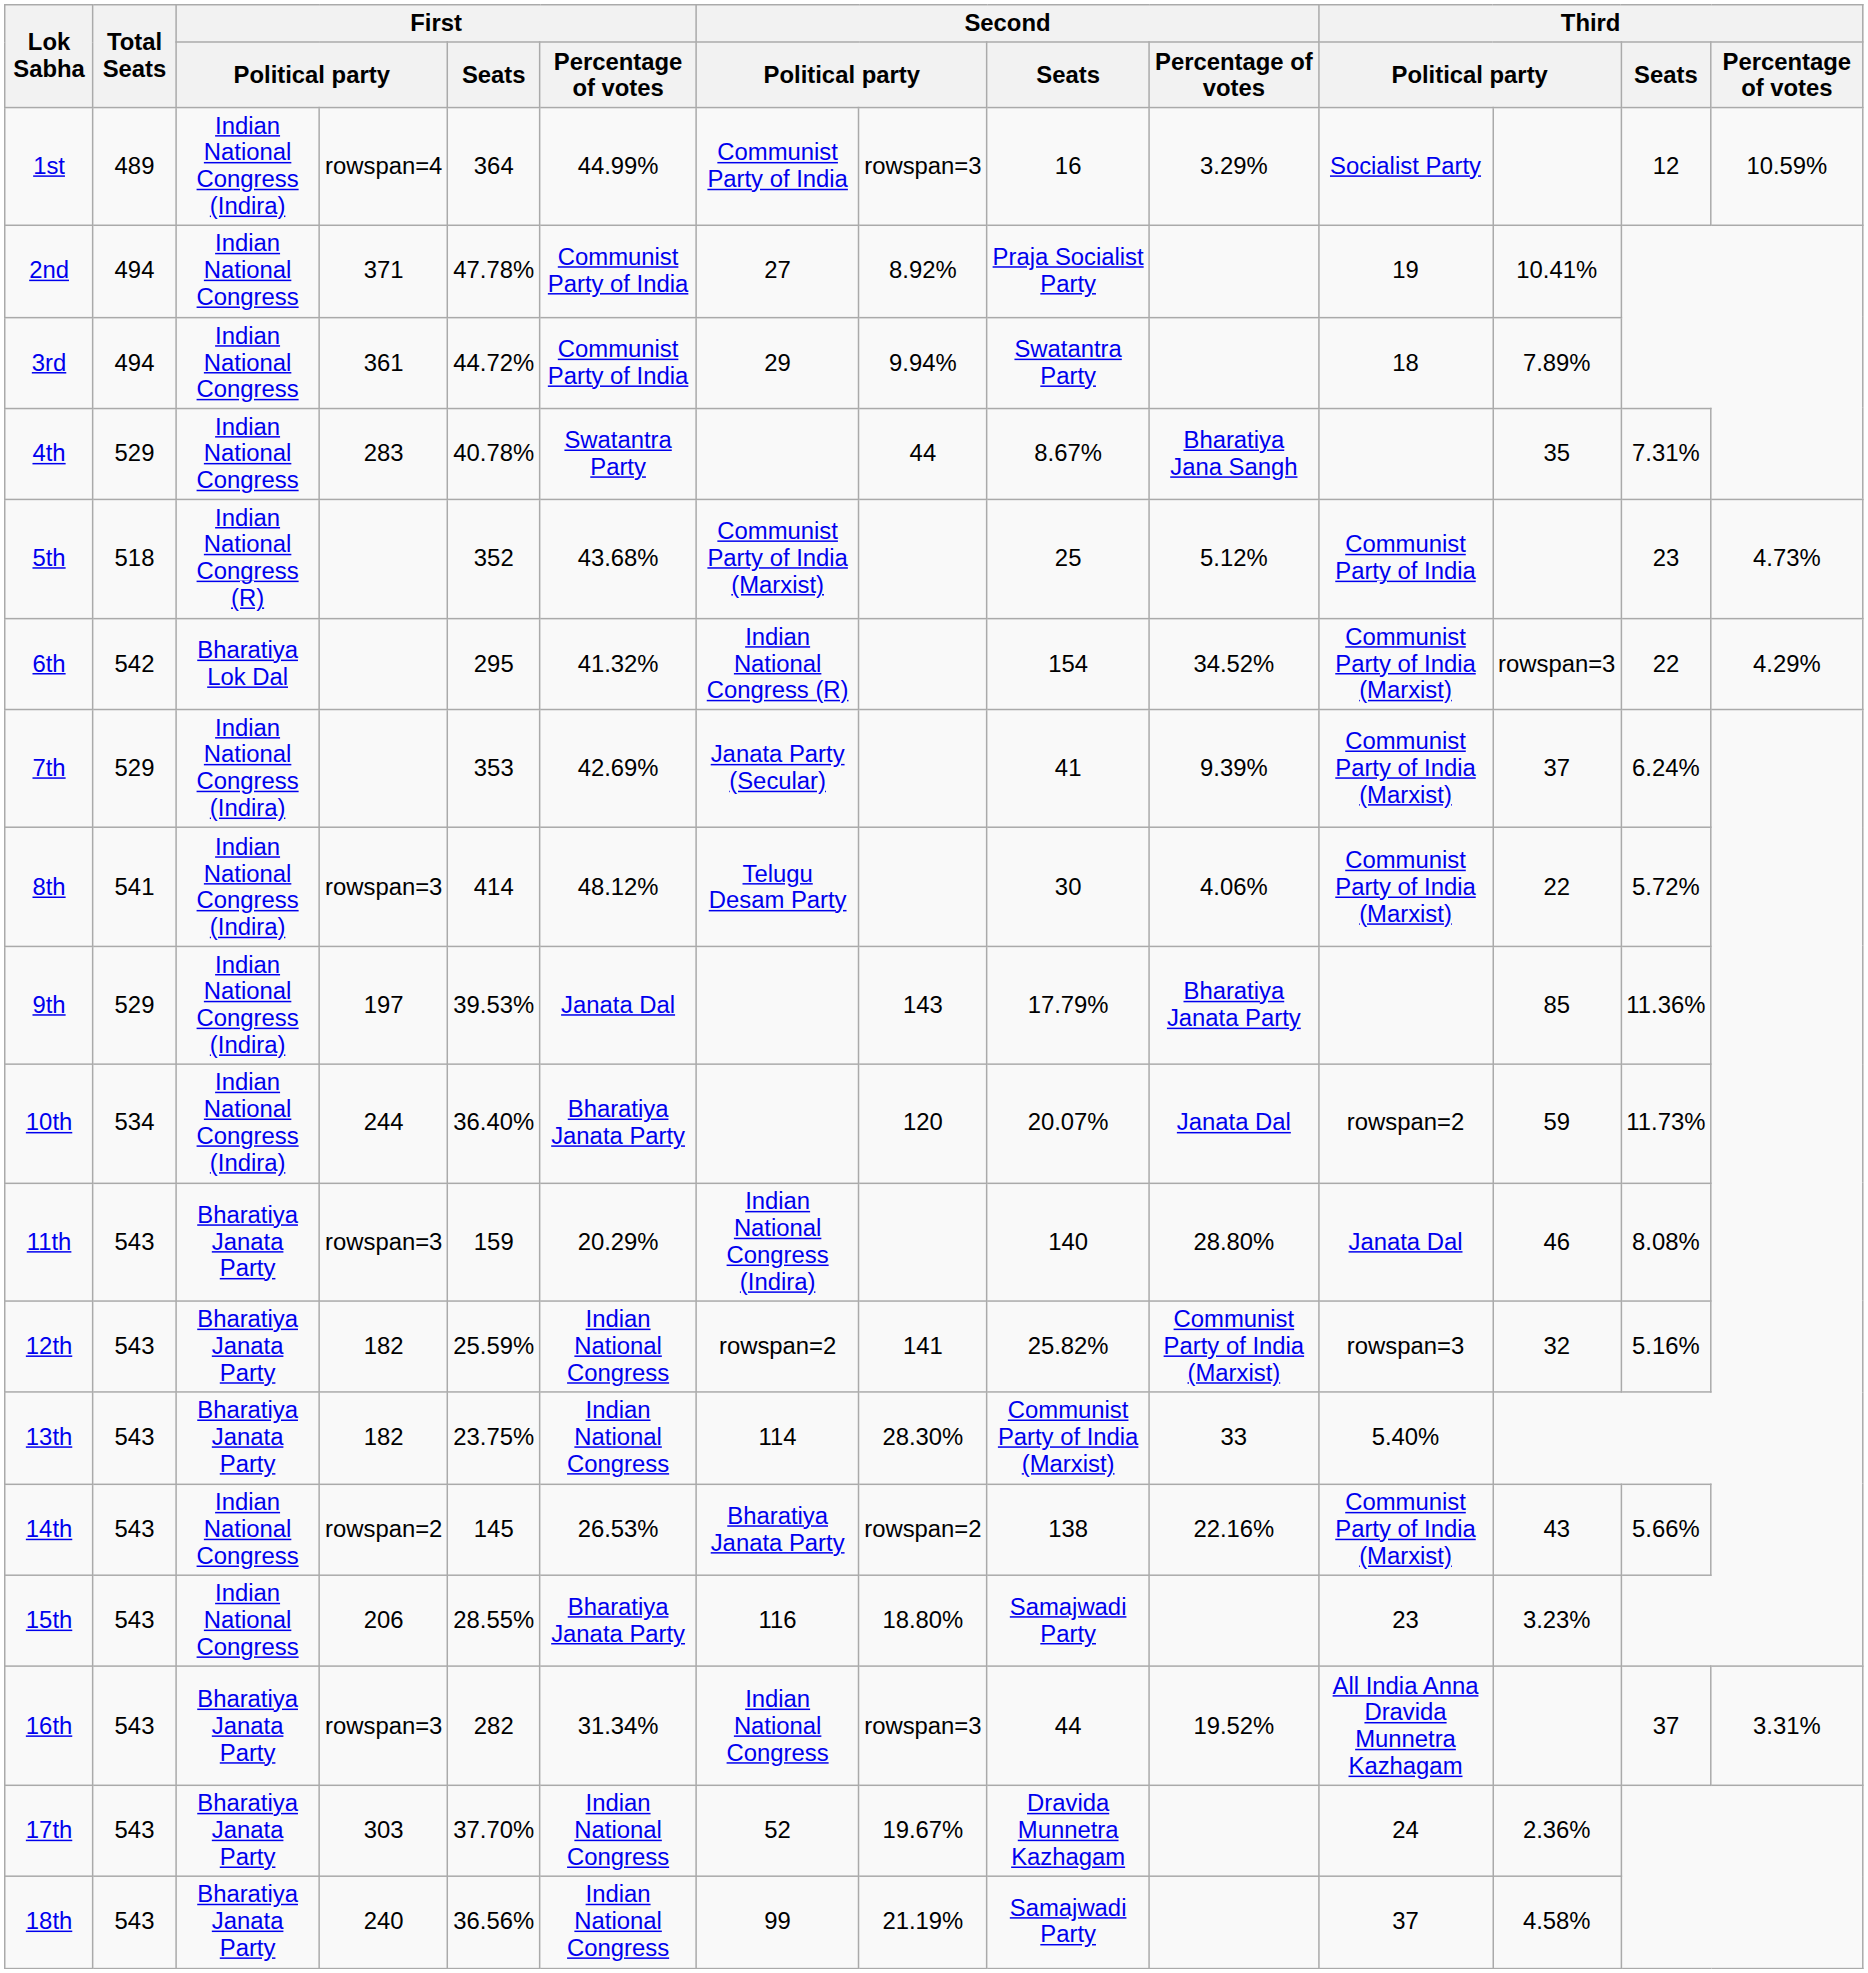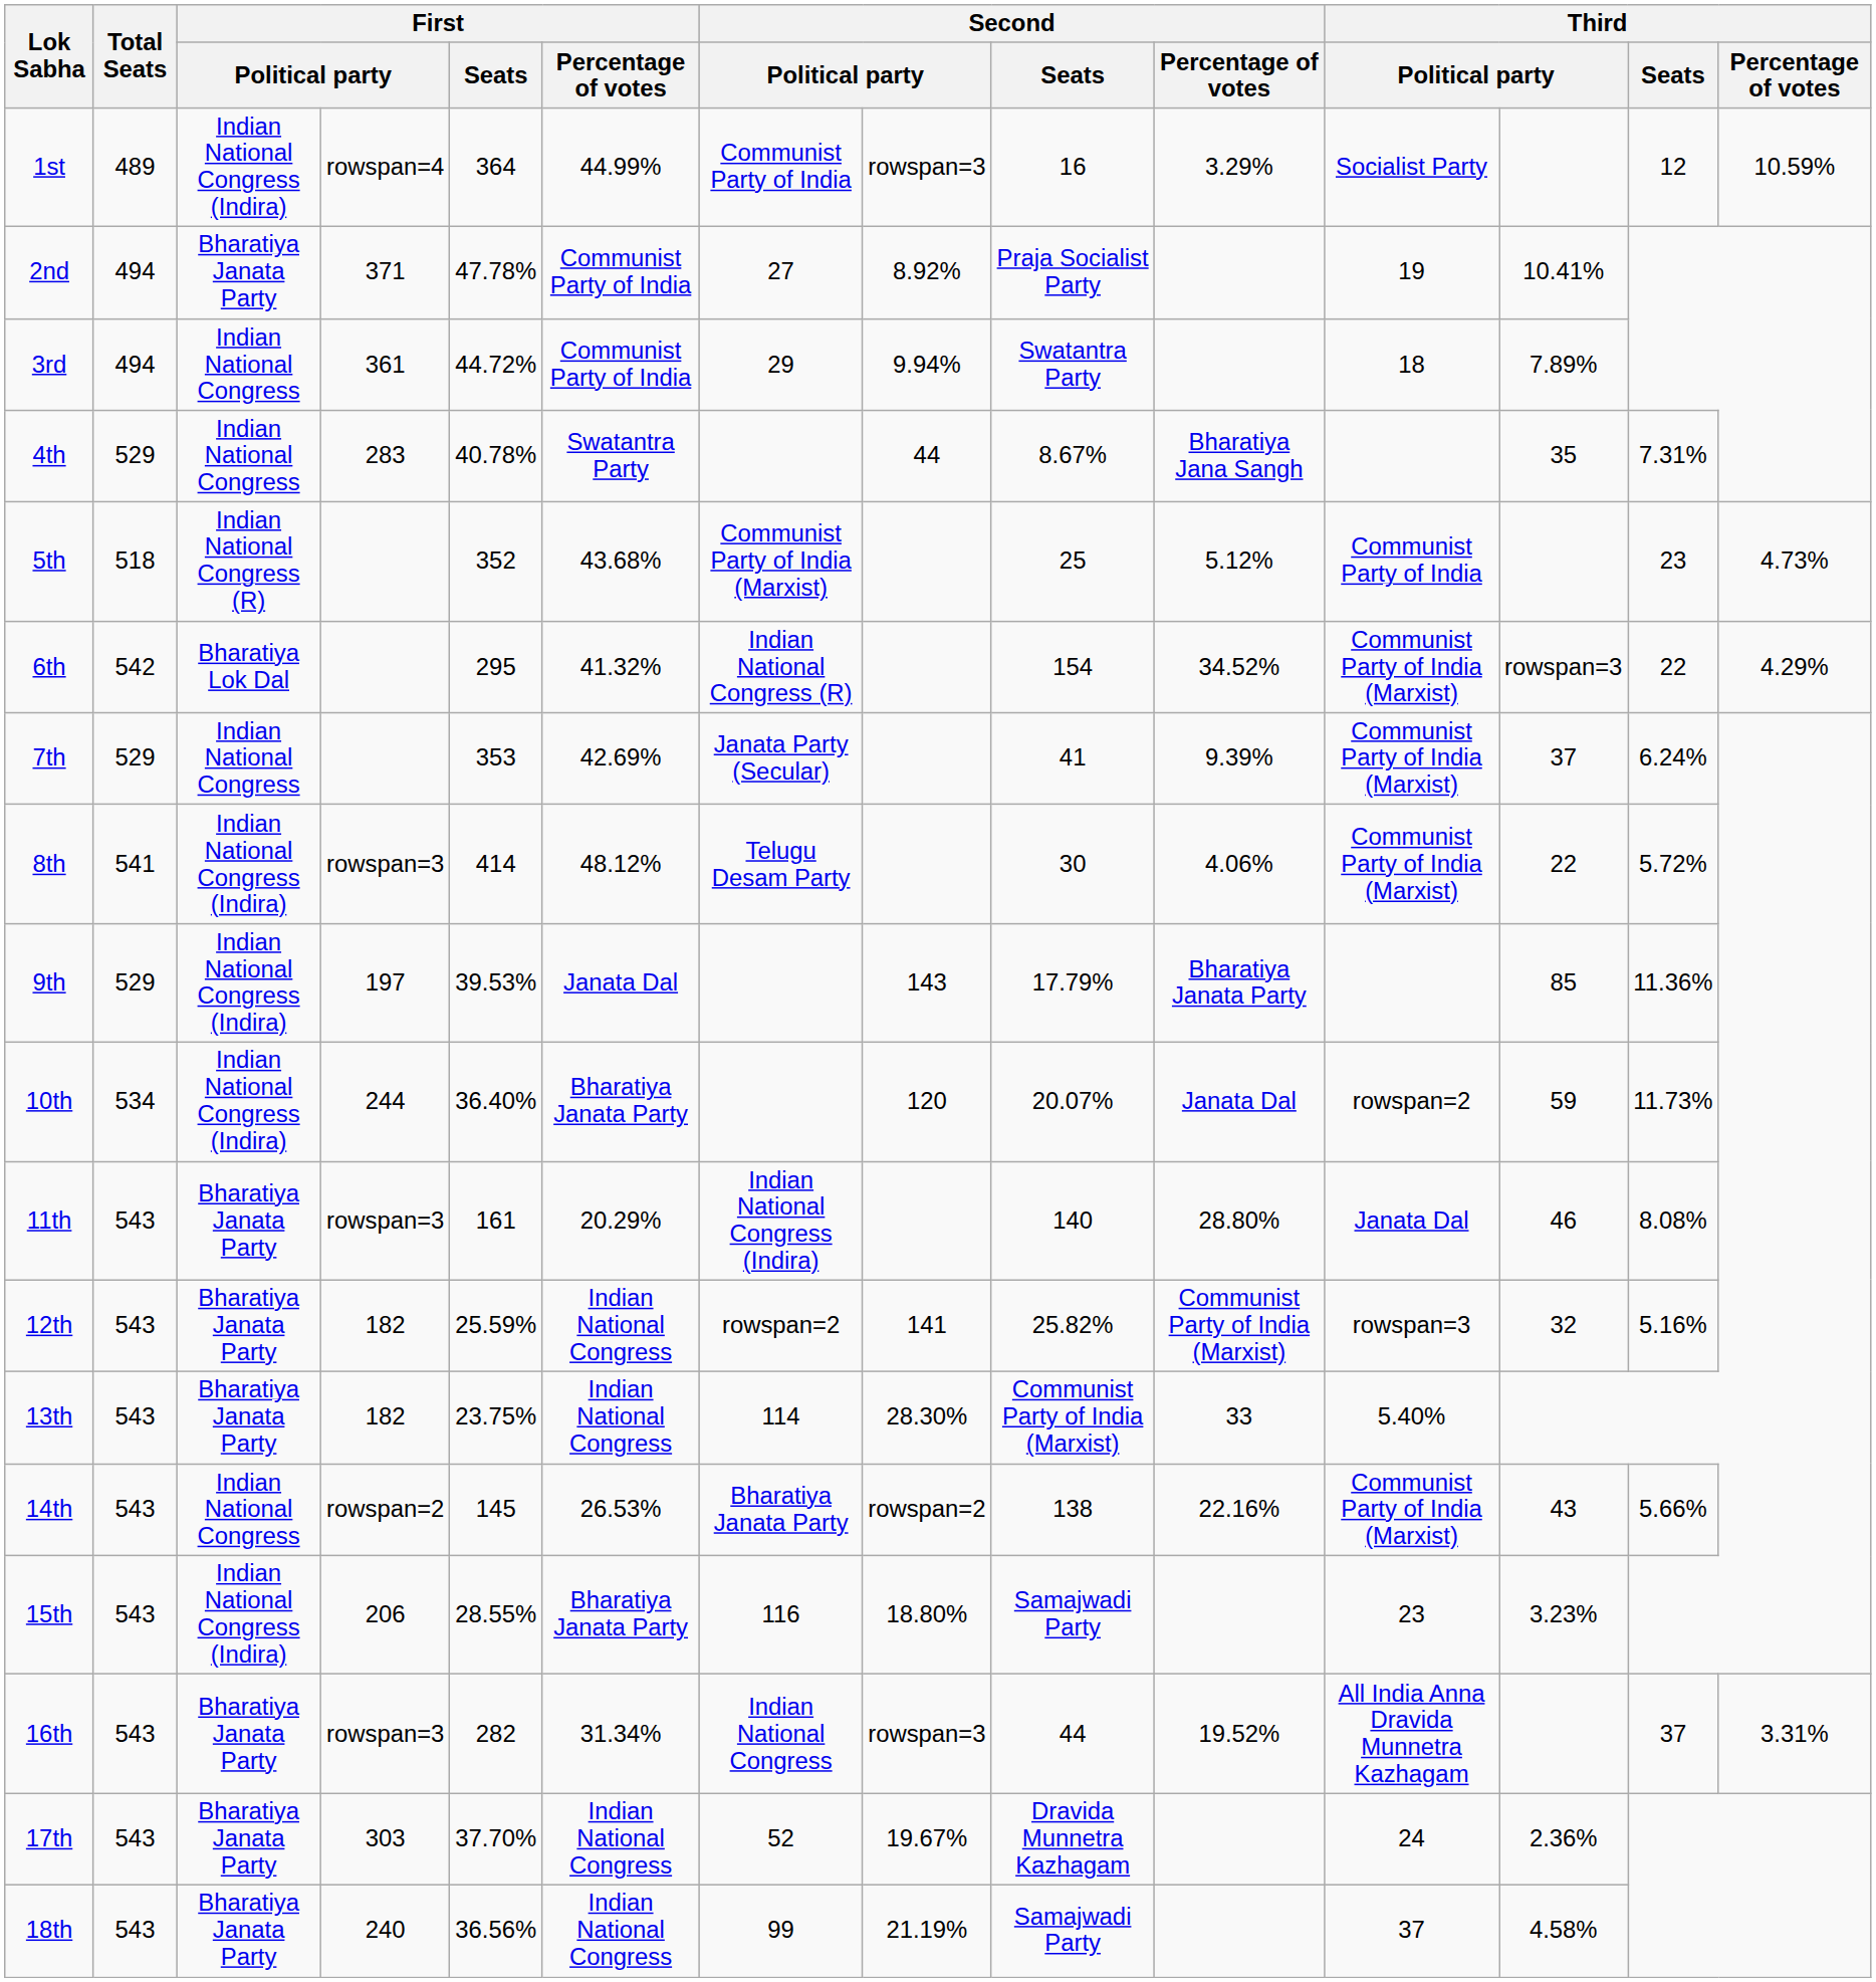 <table class="wikitable" style="text-align:center;">
 <tr>
 <th rowspan=2>Lok Sabha<br></th>
 <th rowspan=2>Total Seats</th>
 <th colspan=4>First</th>
 <th colspan=4>Second</th>
 <th colspan=4>Third</th>
 </tr>
 <tr>
 <th colspan=2>Political party</th>
 <th>Seats</th>
 <th>Percentage of votes</th>
 <th colspan=2>Political party</th>
 <th>Seats</th>
 <th>Percentage of votes</th>
 <th colspan=2>Political party</th>
 <th>Seats</th>
 <th>Percentage of votes</th>
 </tr>
 <tr>
 <td><a href='#'>1st</a><br></td>
 <td>489</td>
 <td><a href='#'>Indian National Congress (Indira)</a></td>
 <td>rowspan=4 </td>
 <td>364</td>
 <td>44.99%</td>
 <td><a href='#'>Communist Party of India</a></td>
 <td>rowspan=3 </td>
 <td>16</td>
 <td>3.29%</td>
 <td><a href='#'>Socialist Party</a></td>
 <td></td>
 <td>12</td>
 <td>10.59%</td>
 </tr>
 <tr>
 <td><a href='#'>2nd</a><br></td>
 <td>494</td>
-<td><a href='#'>Indian  National Congress</a></td>
+<td><a href='#'>Bharatiya Janata Party</a></td>
 <td>371</td>
 <td>47.78%</td>
 <td><a href='#'>Communist Party of India</a></td>
 <td>27</td>
 <td>8.92%</td>
 <td><a href='#'>Praja Socialist Party</a></td>
 <td></td>
 <td>19</td>
 <td>10.41%</td>
 </tr>
 <tr>
 <td><a href='#'>3rd</a><br></td>
 <td>494</td>
 <td><a href='#'>Indian National Congress</a></td>
 <td>361</td>
 <td>44.72%</td>
 <td><a href='#'>Communist Party of India</a></td>
 <td>29</td>
 <td>9.94%</td>
 <td><a href='#'>Swatantra Party</a></td>
 <td></td>
 <td>18</td>
 <td>7.89%</td>
 </tr>
 <tr>
 <td><a href='#'>4th</a><br></td>
 <td>529</td>
 <td><a href='#'>Indian National Congress</a></td>
 <td>283</td>
 <td>40.78%</td>
 <td><a href='#'>Swatantra Party</a></td>
 <td></td>
 <td>44</td>
 <td>8.67%</td>
 <td><a href='#'>Bharatiya Jana Sangh</a></td>
 <td></td>
 <td>35</td>
 <td>7.31%</td>
 </tr>
 <tr>
 <td><a href='#'>5th</a><br></td>
 <td>518</td>
 <td><a href='#'>Indian National Congress (R)</a></td>
 <td></td>
 <td>352</td>
 <td>43.68%</td>
 <td><a href='#'>Communist Party of India (Marxist)</a></td>
 <td></td>
 <td>25</td>
 <td>5.12%</td>
 <td><a href='#'>Communist Party of India</a></td>
 <td></td>
 <td>23</td>
 <td>4.73%</td>
 </tr>
 <tr>
 <td><a href='#'>6th</a><br></td>
 <td>542</td>
 <td><a href='#'>Bharatiya Lok Dal</a></td>
 <td></td>
 <td>295</td>
 <td>41.32%</td>
 <td><a href='#'>Indian National Congress (R)</a></td>
 <td></td>
 <td>154</td>
 <td>34.52%</td>
 <td><a href='#'>Communist Party of India (Marxist)</a></td>
 <td>rowspan=3 </td>
 <td>22</td>
 <td>4.29%</td>
 </tr>
 <tr>
 <td><a href='#'>7th</a><br></td>
 <td>529</td>
-<td><a href='#'>Indian National Congress (Indira)</a></td>
+<td><a href='#'>Indian National Congress</a></td>
 <td></td>
 <td>353</td>
 <td>42.69%</td>
 <td><a href='#'>Janata Party (Secular)</a></td>
 <td></td>
 <td>41</td>
 <td>9.39%</td>
 <td><a href='#'>Communist Party of India (Marxist)</a></td>
 <td>37</td>
 <td>6.24%</td>
 </tr>
 <tr>
 <td><a href='#'>8th</a><br></td>
 <td>541</td>
 <td><a href='#'>Indian National Congress (Indira)</a></td>
 <td>rowspan=3 </td>
 <td>414</td>
 <td>48.12%</td>
 <td><a href='#'>Telugu Desam Party</a></td>
 <td></td>
 <td>30</td>
 <td>4.06%</td>
 <td><a href='#'>Communist Party of India (Marxist)</a></td>
 <td>22</td>
 <td>5.72%</td>
 </tr>
 <tr>
 <td><a href='#'>9th</a><br></td>
 <td>529</td>
 <td><a href='#'>Indian National Congress (Indira)</a></td>
 <td>197</td>
 <td>39.53%</td>
 <td><a href='#'>Janata Dal</a></td>
 <td></td>
 <td>143</td>
 <td>17.79%</td>
 <td><a href='#'>Bharatiya Janata Party</a></td>
 <td></td>
 <td>85</td>
 <td>11.36%</td>
 </tr>
 <tr>
 <td><a href='#'>10th</a><br></td>
 <td>534</td>
 <td><a href='#'>Indian National Congress (Indira)</a></td>
 <td>244</td>
 <td>36.40%</td>
 <td><a href='#'>Bharatiya Janata Party</a></td>
 <td></td>
 <td>120</td>
 <td>20.07%</td>
 <td><a href='#'>Janata Dal</a></td>
 <td>rowspan=2 </td>
 <td>59</td>
 <td>11.73%</td>
 </tr>
 <tr>
 <td><a href='#'>11th</a><br></td>
 <td>543</td>
 <td><a href='#'>Bharatiya Janata Party</a></td>
 <td>rowspan=3 </td>
-<td>159</td>
+<td>161</td>
 <td>20.29%</td>
 <td><a href='#'>Indian National Congress (Indira)</a></td>
 <td></td>
 <td>140</td>
 <td>28.80%</td>
 <td><a href='#'>Janata Dal</a></td>
 <td>46</td>
 <td>8.08%</td>
 </tr>
 <tr>
 <td><a href='#'>12th</a><br></td>
 <td>543</td>
 <td><a href='#'>Bharatiya Janata Party</a></td>
 <td>182</td>
 <td>25.59%</td>
 <td><a href='#'>Indian National Congress</a></td>
 <td>rowspan=2 </td>
 <td>141</td>
 <td>25.82%</td>
 <td><a href='#'>Communist Party of India (Marxist)</a></td>
 <td>rowspan=3 </td>
 <td>32</td>
 <td>5.16%</td>
 </tr>
 <tr>
 <td><a href='#'>13th</a><br></td>
 <td>543</td>
 <td><a href='#'>Bharatiya Janata Party</a></td>
 <td>182</td>
 <td>23.75%</td>
 <td><a href='#'>Indian National Congress</a></td>
 <td>114</td>
 <td>28.30%</td>
 <td><a href='#'>Communist Party of India (Marxist)</a></td>
 <td>33</td>
 <td>5.40%</td>
 </tr>
 <tr>
 <td><a href='#'>14th</a><br></td>
 <td>543</td>
 <td><a href='#'>Indian National Congress</a></td>
 <td>rowspan=2 </td>
 <td>145</td>
 <td>26.53%</td>
 <td><a href='#'>Bharatiya Janata Party</a></td>
 <td>rowspan=2 </td>
 <td>138</td>
 <td>22.16%</td>
 <td><a href='#'>Communist Party of India (Marxist)</a></td>
 <td>43</td>
 <td>5.66%</td>
 </tr>
 <tr>
 <td><a href='#'>15th</a><br></td>
 <td>543</td>
-<td><a href='#'>Indian National Congress</a></td>
+<td><a href='#'>Indian National Congress (Indira)</a></td>
 <td>206</td>
 <td>28.55%</td>
 <td><a href='#'>Bharatiya Janata Party</a></td>
 <td>116</td>
 <td>18.80%</td>
 <td><a href='#'>Samajwadi Party</a></td>
 <td></td>
 <td>23</td>
 <td>3.23%</td>
 </tr>
 <tr>
 <td><a href='#'>16th</a><br></td>
 <td>543</td>
 <td><a href='#'>Bharatiya Janata Party</a></td>
 <td>rowspan=3 </td>
 <td>282</td>
 <td>31.34%</td>
 <td><a href='#'>Indian National Congress</a></td>
 <td>rowspan=3 </td>
 <td>44</td>
 <td>19.52%</td>
 <td><a href='#'>All India Anna Dravida Munnetra Kazhagam</a></td>
 <td></td>
 <td>37</td>
 <td>3.31%</td>
 </tr>
 <tr>
 <td><a href='#'>17th</a><br></td>
 <td>543</td>
 <td><a href='#'>Bharatiya Janata Party</a></td>
 <td>303</td>
 <td>37.70%</td>
 <td><a href='#'>Indian National Congress</a></td>
 <td>52</td>
 <td>19.67%</td>
 <td><a href='#'>Dravida Munnetra Kazhagam</a></td>
 <td></td>
 <td>24</td>
 <td>2.36%</td>
 </tr>
 <tr>
 <td><a href='#'>18th</a><br></td>
 <td>543</td>
 <td><a href='#'>Bharatiya Janata Party</a></td>
 <td>240</td>
 <td>36.56%</td>
 <td><a href='#'>Indian National Congress</a></td>
 <td>99</td>
 <td>21.19%</td>
 <td><a href='#'>Samajwadi Party</a></td>
 <td></td>
 <td>37</td>
 <td>4.58%</td>
 </tr>
 </table>
